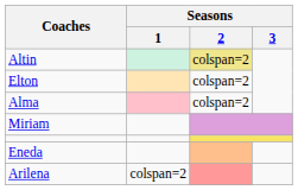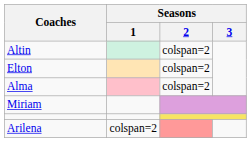 <table class="wikitable" width:"50%">
 <tr>
 <th rowspan="2" width="135">Coaches</th>
 <th colspan="3" style="text-align:center;">Seasons</th>
 </tr>
 <tr>
 <th width="40">1</th>
 <th width="40"><a href='#'>2</a></th>
 <th width="40"><a href='#'>3</a></th>
 </tr>
 <tr>
 <td><a href='#'>Altin</a></td>
 <td style="text-align:center; background:#CEF2E0;"></td>
-<td style="background: khaki;">colspan=2 </td>
+<td>colspan=2 </td>
 </tr>
 <tr>
 <td><a href='#'>Elton</a></td>
 <td style="text-align:center; background:#ffe5b4;"></td>
 <td>colspan=2 </td>
 </tr>
 <tr>
 <td><a href='#'>Alma</a></td>
 <td style="text-align:center; background:pink;"></td>
 <td>colspan=2 </td>
 </tr>
 <tr>
 <td><a href='#'>Miriam</a></td>
 <td></td>
 <td colspan=2 style="text-align:center; background:#dda0dd;"></td>
 </tr>
 <tr>
 <td></td>
 <td></td>
 <td colspan=2 style="text-align:center; background:#f7e463;"></td>
 </tr>
 <tr>
-<td><a href='#'>Eneda</a></td>
-<td></td>
-<td style="text-align:center; background:#ffbf8c;"></td>
-<td></td>
-</tr>
-<tr>
 <td><a href='#'>Arilena</a></td>
 <td>colspan=2 </td>
 <td style="text-align:center;background:#FF9999;"></td>
 </tr>
 </table>
